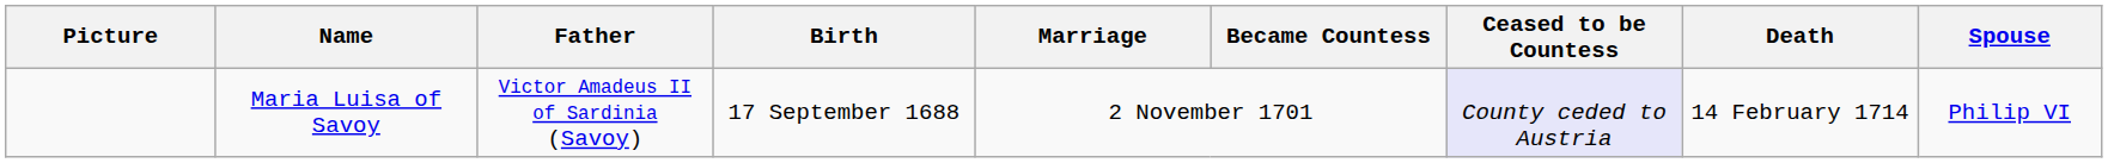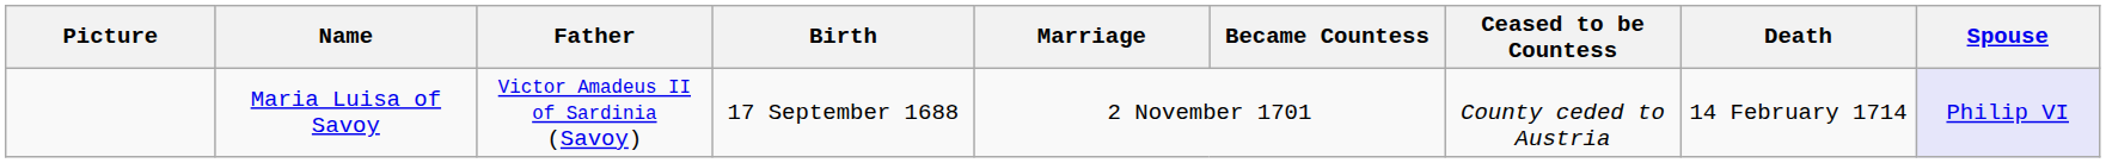 <table style="width:95%;" class="wikitable">
 <tr>
 <th style="width:8%;">Picture</th>
 <th style="width:10%;">Name</th>
 <th style="width:9%;">Father</th>
 <th style="width:10%;">Birth</th>
 <th style="width:9%;">Marriage</th>
 <th style="width:9%;">Became Countess</th>
 <th style="width:9%;">Ceased to be Countess</th>
 <th style="width:9%;">Death</th>
 <th style="width:7%;"><a href='#'>Spouse</a></th>
 </tr>
 <tr>
 <td style="text-align:center;"></td>
 <td style="text-align:center;"><a href='#'>Maria Luisa of Savoy</a></td>
 <td style="text-align:center;"><small><a href='#'>Victor Amadeus II of Sardinia</a></small><br>(<a href='#'>Savoy</a>)</td>
 <td style="text-align:center;">17 September 1688</td>
 <td style="text-align:center;" colspan="2">2 November 1701</td>
-<td style="background: lavender; text-align:center;"><br><em>County ceded to Austria</em></td>
+<td style="text-align:center;"><br><em>County ceded to Austria</em></td>
 <td style="text-align:center;">14 February 1714</td>
-<td style="text-align:center;"><a href='#'>Philip VI</a></td>
+<td style="background: lavender; text-align:center;"><a href='#'>Philip VI</a></td>
 </tr>
 </table>
